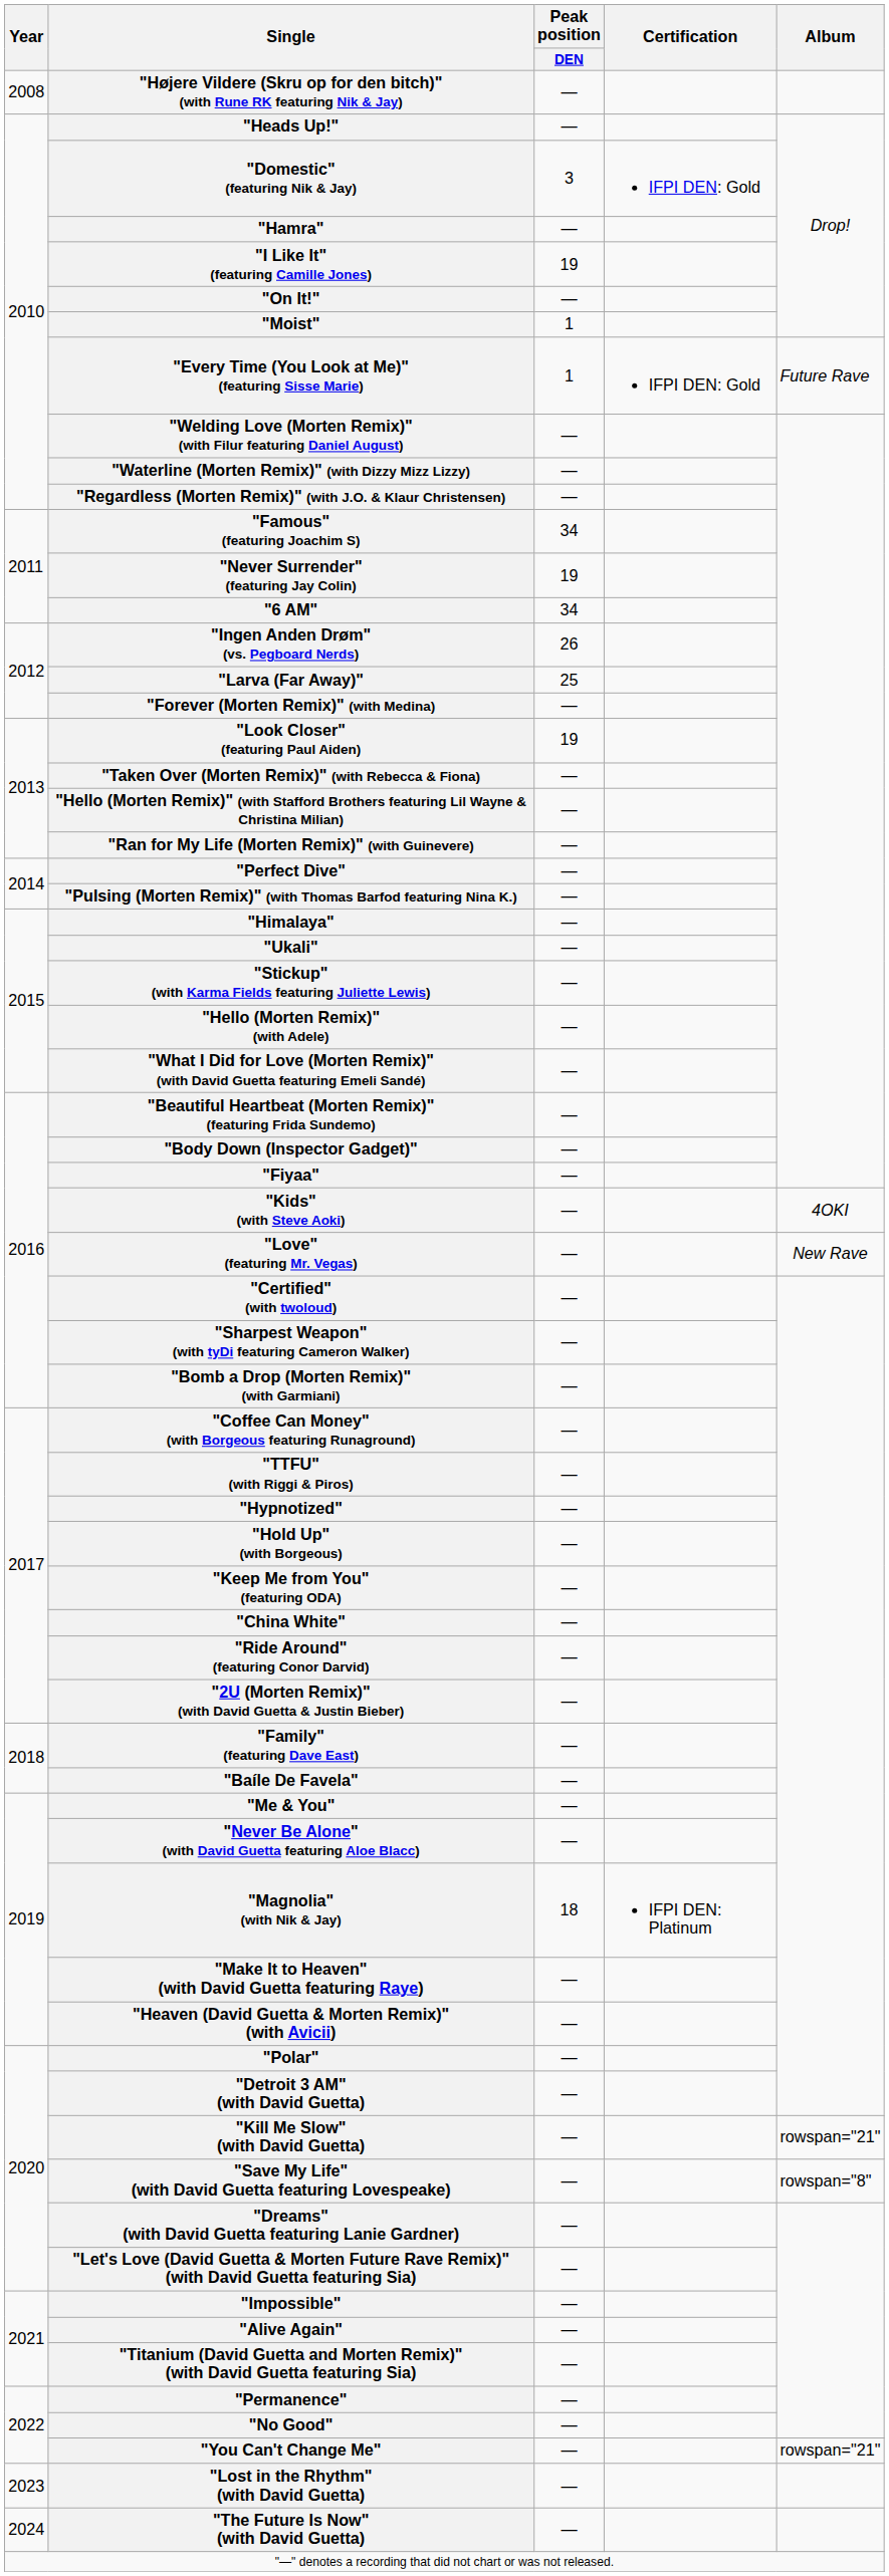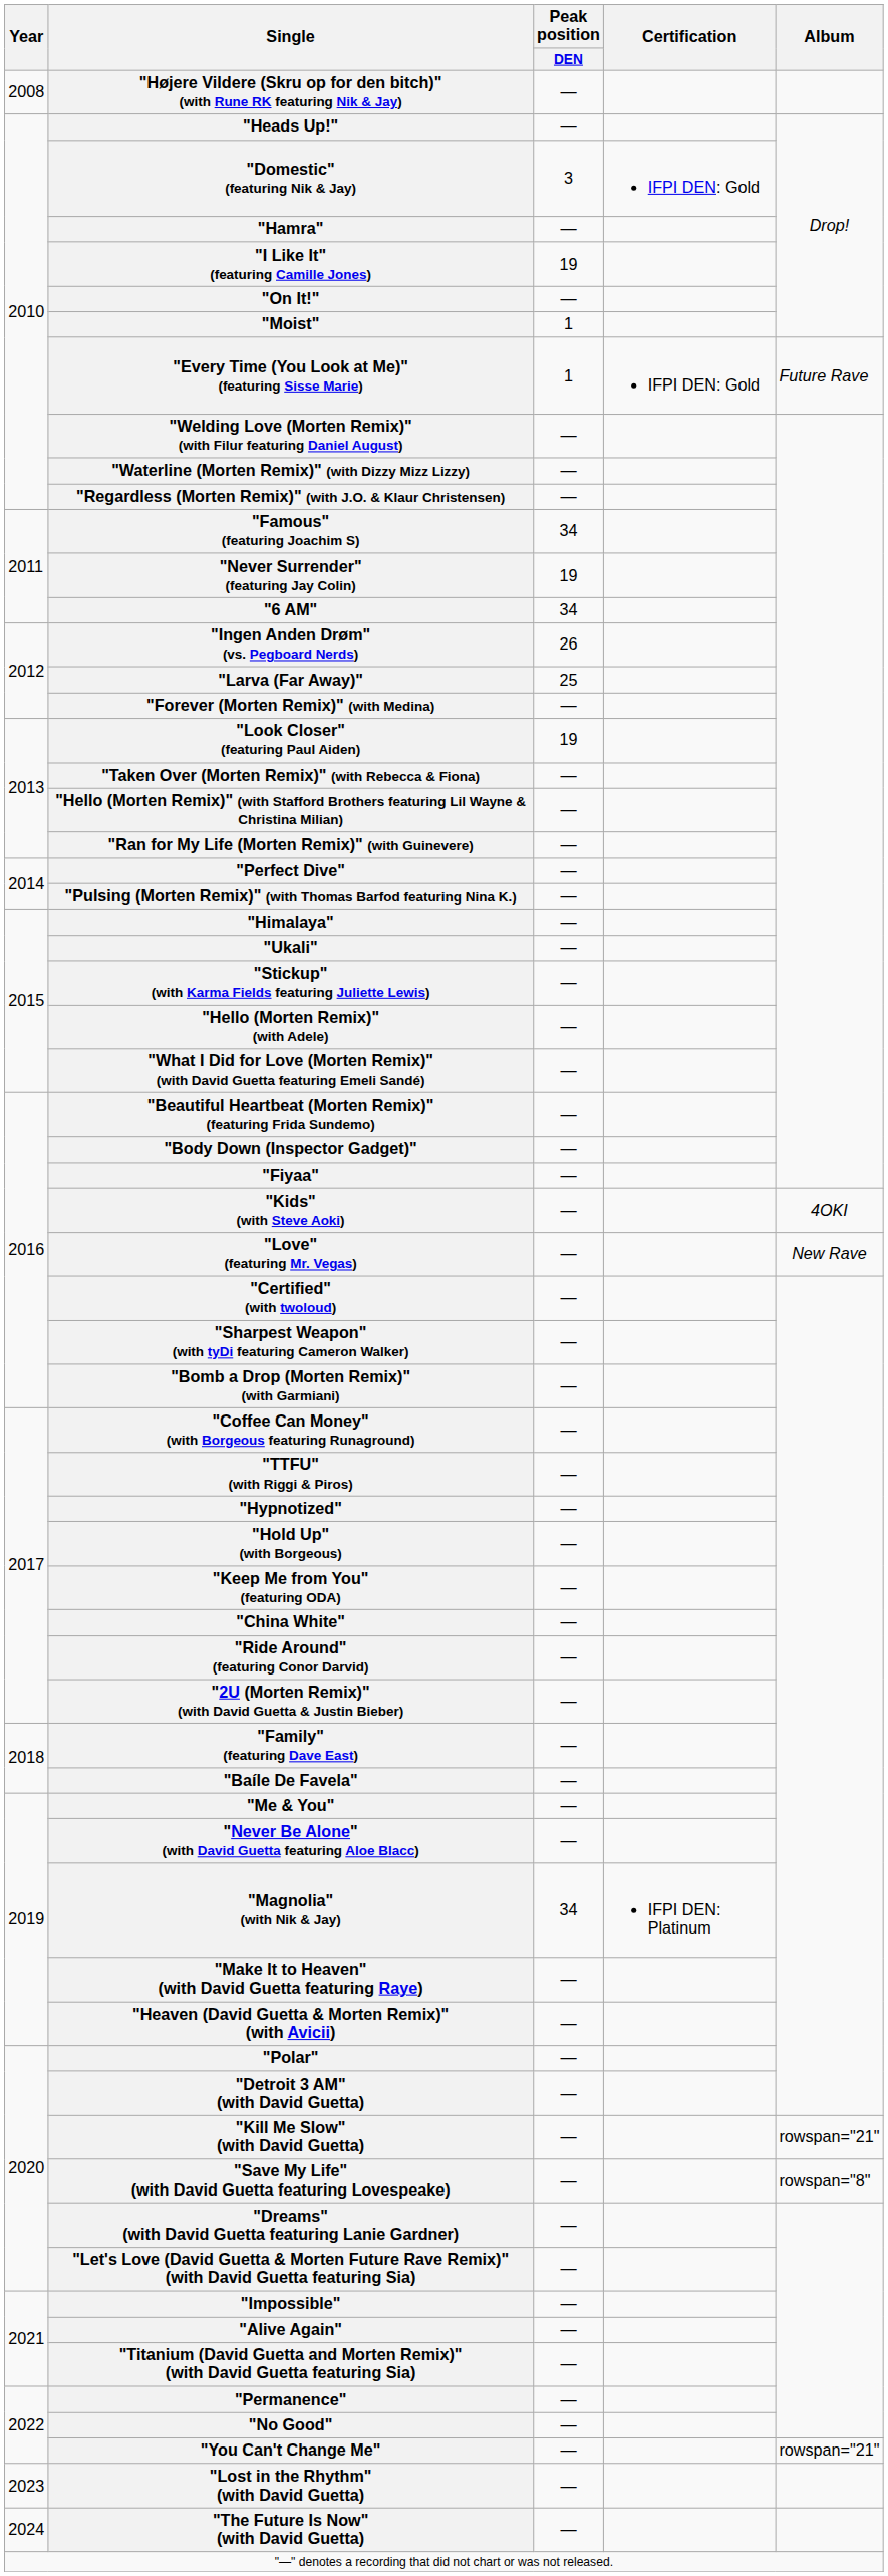 <table class="wikitable plainrowheaders">
 <tr>
 <th scope="col" rowspan="2">Year</th>
 <th scope="col" rowspan="2">Single</th>
 <th scope="col" colspan="1">Peak position</th>
 <th scope="col" rowspan="2">Certification</th>
 <th scope="col" rowspan="2">Album</th>
 </tr>
 <tr>
 <th scope="col" style="width:3em;font-size:85%;"><a href='#'>DEN</a><br></th>
 </tr>
 <tr>
 <td>2008</td>
 <th scope="row">"Højere Vildere (Skru op for den bitch)"<br><small>(with <a href='#'>Rune RK</a> featuring <a href='#'>Nik & Jay</a>)</small></th>
 <td style="text-align:center;">—</td>
 <td></td>
 <td></td>
 </tr>
 <tr>
 <td rowspan="10">2010</td>
 <th scope="row">"Heads Up!"</th>
 <td style="text-align:center;">—</td>
 <td></td>
 <td style="text-align:center;" rowspan="6"><em>Drop!</em></td>
 </tr>
 <tr>
 <th scope="row">"Domestic" <br><small>(featuring Nik & Jay)</small></th>
 <td style="text-align:center;">3</td>
 <td><br><ul><li><a href='#'>IFPI DEN</a>: Gold</li></ul></td>
 </tr>
 <tr>
 <th scope="row">"Hamra"</th>
 <td style="text-align:center;">—</td>
 <td></td>
 </tr>
 <tr>
 <th scope="row">"I Like It" <br><small>(featuring <a href='#'>Camille Jones</a>)</small></th>
 <td style="text-align:center;">19</td>
 <td></td>
 </tr>
 <tr>
 <th scope="row">"On It!"</th>
 <td style="text-align:center;">—</td>
 <td></td>
 </tr>
 <tr>
 <th scope="row">"Moist"</th>
 <td style="text-align:center;">1</td>
 <td></td>
 </tr>
 <tr>
 <th scope="row">"Every Time (You Look at Me)" <br><small>(featuring <a href='#'>Sisse Marie</a>)</small></th>
 <td style="text-align:center;">1</td>
 <td><br><ul><li>IFPI DEN: Gold</li></ul></td>
 <td><em>Future Rave</em></td>
 </tr>
 <tr>
 <th scope="row">"Welding Love (Morten Remix)" <br><small>(with Filur featuring <a href='#'>Daniel August</a>)</small></th>
 <td style="text-align:center;">—</td>
 <td></td>
 </tr>
 <tr>
 <th scope="row">"Waterline (Morten Remix)" <small>(with Dizzy Mizz Lizzy)</small></th>
 <td style="text-align:center;">—</td>
 <td></td>
 </tr>
 <tr>
 <th scope="row">"Regardless (Morten Remix)" <small>(with J.O. & Klaur Christensen)</small></th>
 <td style="text-align:center;">—</td>
 <td></td>
 </tr>
 <tr>
 <td rowspan="3">2011</td>
 <th scope="row">"Famous" <br><small>(featuring Joachim S)</small></th>
 <td style="text-align:center;">34</td>
 <td></td>
 </tr>
 <tr>
 <th scope="row">"Never Surrender" <br><small>(featuring Jay Colin)</small></th>
 <td style="text-align:center;">19</td>
 <td></td>
 </tr>
 <tr>
 <th scope="row">"6 AM"</th>
 <td style="text-align:center;">34</td>
 <td></td>
 </tr>
 <tr>
 <td rowspan="3">2012</td>
 <th scope="row">"Ingen Anden Drøm" <br><small>(vs. <a href='#'>Pegboard Nerds</a>)</small></th>
 <td style="text-align:center;">26</td>
 <td></td>
 </tr>
 <tr>
 <th scope="row">"Larva (Far Away)"</th>
 <td style="text-align:center;">25</td>
 <td></td>
 </tr>
 <tr>
 <th scope="row">"Forever (Morten Remix)" <small>(with Medina)</small></th>
 <td style="text-align:center;">—</td>
 <td></td>
 </tr>
 <tr>
 <td rowspan="4">2013</td>
 <th scope="row">"Look Closer"<br><small>(featuring Paul Aiden)</small></th>
 <td style="text-align:center;">19</td>
 <td></td>
 </tr>
 <tr>
 <th scope="row">"Taken Over (Morten Remix)" <small>(with Rebecca & Fiona)</small></th>
 <td style="text-align:center;">—</td>
 <td></td>
 </tr>
 <tr>
 <th scope="row">"Hello (Morten Remix)" <small>(with Stafford Brothers featuring Lil Wayne & Christina Milian)</small></th>
 <td style="text-align:center;">—</td>
 <td></td>
 </tr>
 <tr>
 <th scope="row">"Ran for My Life (Morten Remix)" <small>(with Guinevere)</small></th>
 <td style="text-align:center;">—</td>
 <td></td>
 </tr>
 <tr>
 <td rowspan="2">2014</td>
 <th scope="row">"Perfect Dive"</th>
 <td style="text-align:center;">—</td>
 <td></td>
 </tr>
 <tr>
 <th scope="row">"Pulsing (Morten Remix)" <small>(with Thomas Barfod featuring Nina K.)</small></th>
 <td style="text-align:center;">—</td>
 <td></td>
 </tr>
 <tr>
 <td rowspan="5">2015</td>
 <th scope="row">"Himalaya"</th>
 <td style="text-align:center;">—</td>
 <td></td>
 </tr>
 <tr>
 <th scope="row">"Ukali"</th>
 <td style="text-align:center;">—</td>
 <td></td>
 </tr>
 <tr>
 <th scope="row">"Stickup"<br><small>(with <a href='#'>Karma Fields</a> featuring <a href='#'>Juliette Lewis</a>)</small></th>
 <td style="text-align:center;">—</td>
 <td></td>
 </tr>
 <tr>
 <th scope="row">"Hello (Morten Remix)"<br><small>(with Adele)</small></th>
 <td style="text-align:center;">—</td>
 <td></td>
 </tr>
 <tr>
 <th scope="row">"What I Did for Love (Morten Remix)"<br><small>(with David Guetta featuring Emeli Sandé)</small></th>
 <td style="text-align:center;">—</td>
 <td></td>
 </tr>
 <tr>
 <td rowspan="8">2016</td>
 <th scope="row">"Beautiful Heartbeat (Morten Remix)"<br><small>(featuring Frida Sundemo)</small></th>
 <td style="text-align:center;">—</td>
 <td></td>
 </tr>
 <tr>
 <th scope="row">"Body Down (Inspector Gadget)"</th>
 <td style="text-align:center;">—</td>
 <td></td>
 </tr>
 <tr>
 <th scope="row">"Fiyaa"</th>
 <td style="text-align:center;">—</td>
 <td></td>
 </tr>
 <tr>
 <th scope="row">"Kids"<br><small>(with <a href='#'>Steve Aoki</a>)</small></th>
 <td style="text-align:center;">—</td>
 <td></td>
 <td style="text-align:center;"><em>4OKI</em></td>
 </tr>
 <tr>
 <th scope="row">"Love"<br><small>(featuring <a href='#'>Mr. Vegas</a>)</small></th>
 <td style="text-align:center;">—</td>
 <td></td>
 <td style="text-align:center;"><em>New Rave</em></td>
 </tr>
 <tr>
 <th scope="row">"Certified"<br><small>(with <a href='#'>twoloud</a>)</small></th>
 <td style="text-align:center;">—</td>
 <td></td>
 </tr>
 <tr>
 <th scope="row">"Sharpest Weapon"<br><small>(with <a href='#'>tyDi</a> featuring Cameron Walker)</small></th>
 <td style="text-align:center;">—</td>
 <td></td>
 </tr>
 <tr>
 <th scope="row">"Bomb a Drop (Morten Remix)"<br><small>(with Garmiani)</small></th>
 <td style="text-align:center;">—</td>
 <td></td>
 </tr>
 <tr>
 <td rowspan="8">2017</td>
 <th scope="row">"Coffee Can Money"<br><small>(with <a href='#'>Borgeous</a> featuring Runaground)</small></th>
 <td style="text-align:center;">—</td>
 <td></td>
 </tr>
 <tr>
 <th scope="row">"TTFU"<br><small>(with Riggi & Piros)</small></th>
 <td style="text-align:center;">—</td>
 <td></td>
 </tr>
 <tr>
 <th scope="row">"Hypnotized"</th>
 <td style="text-align:center;">—</td>
 <td></td>
 </tr>
 <tr>
 <th scope="row">"Hold Up"<br><small>(with Borgeous)</small></th>
 <td style="text-align:center;">—</td>
 <td></td>
 </tr>
 <tr>
 <th scope="row">"Keep Me from You"<br><small>(featuring ODA)</small></th>
 <td style="text-align:center;">—</td>
 <td></td>
 </tr>
 <tr>
 <th scope="row">"China White"</th>
 <td style="text-align:center;">—</td>
 <td></td>
 </tr>
 <tr>
 <th scope="row">"Ride Around"<br><small>(featuring Conor Darvid)</small></th>
 <td style="text-align:center;">—</td>
 <td></td>
 </tr>
 <tr>
 <th scope="row">"<a href='#'>2U</a> (Morten Remix)"<br><small>(with David Guetta & Justin Bieber)</small></th>
 <td style="text-align:center;">—</td>
 <td></td>
 </tr>
 <tr>
 <td rowspan="2">2018</td>
 <th scope="row">"Family"<br><small>(featuring <a href='#'>Dave East</a>)</small></th>
 <td style="text-align:center;">—</td>
 <td></td>
 </tr>
 <tr>
 <th scope="row">"Baíle De Favela"</th>
 <td style="text-align:center;">—</td>
 <td></td>
 </tr>
 <tr>
 <td rowspan="5">2019</td>
 <th scope="row">"Me & You"</th>
 <td style="text-align:center;">—</td>
 <td></td>
 </tr>
 <tr>
 <th scope="row">"<a href='#'>Never Be Alone</a>" <br><small>(with <a href='#'>David Guetta</a> featuring <a href='#'>Aloe Blacc</a>)</small></th>
 <td style="text-align:center;">—</td>
 <td></td>
 </tr>
 <tr>
 <th scope="row">"Magnolia" <br><small>(with Nik & Jay)</small></th>
-<td style="text-align:center;">18<br></td>
+<td style="text-align:center;">34</td>
 <td><br><ul><li>IFPI DEN: Platinum</li></ul></td>
 </tr>
 <tr>
 <th scope="row">"Make It to Heaven"<br><span>(with David Guetta featuring <a href='#'>Raye</a>)</span></th>
 <td style="text-align:center;">—</td>
 <td></td>
 </tr>
 <tr>
 <th scope="row">"Heaven (David Guetta & Morten Remix)"<br><span>(with <a href='#'>Avicii</a>)</span></th>
 <td style="text-align:center;">—</td>
 <td></td>
 </tr>
 <tr>
 <td rowspan="6">2020</td>
 <th scope="row">"Polar"</th>
 <td style="text-align:center;">—</td>
 <td></td>
 </tr>
 <tr>
 <th scope="row">"Detroit 3 AM" <br><span>(with David Guetta)</span></th>
 <td style="text-align:center;">—</td>
 <td></td>
 </tr>
 <tr>
 <th scope="row">"Kill Me Slow" <br><span>(with David Guetta)</span></th>
 <td style="text-align:center;">—</td>
 <td></td>
 <td>rowspan="21" </td>
 </tr>
 <tr>
 <th scope="row">"Save My Life" <br><span>(with David Guetta featuring Lovespeake)</span></th>
 <td style="text-align:center;">—</td>
 <td></td>
 <td>rowspan="8" </td>
 </tr>
 <tr>
 <th scope="row">"Dreams" <br><span>(with David Guetta featuring Lanie Gardner)</span></th>
 <td style="text-align:center;">—</td>
 <td></td>
 </tr>
 <tr>
 <th scope="row">"Let's Love (David Guetta & Morten Future Rave Remix)"<br><span>(with David Guetta featuring Sia)</span></th>
 <td style="text-align:center;">—</td>
 <td></td>
 </tr>
 <tr>
 <td rowspan="3">2021</td>
 <th scope="row">"Impossible" <br></th>
 <td style="text-align:center;">—</td>
 <td></td>
 </tr>
 <tr>
 <th scope="row">"Alive Again" <br></th>
 <td style="text-align:center;">—</td>
 <td></td>
 </tr>
 <tr>
 <th scope="row">"Titanium (David Guetta and Morten Remix)"<br><span>(with David Guetta featuring Sia)</span></th>
 <td style="text-align:center;">—</td>
 <td></td>
 </tr>
 <tr>
 <td rowspan="3">2022</td>
 <th scope="row">"Permanence"<br></th>
 <td style="text-align:center;">—</td>
 <td></td>
 </tr>
 <tr>
 <th scope="row">"No Good"</th>
 <td style="text-align:center;">—</td>
 <td></td>
 </tr>
 <tr>
 <th scope="row">"You Can't Change Me"<br></th>
 <td style="text-align:center;">—</td>
 <td></td>
 <td>rowspan="21" </td>
 </tr>
 <tr>
 <td>2023</td>
 <th scope="row">"Lost in the Rhythm"<br>(with David Guetta)</th>
 <td style="text-align:center;">—</td>
 <td></td>
 <td></td>
 </tr>
 <tr>
 <td>2024</td>
 <th scope="row">"The Future Is Now"<br>(with David Guetta)</th>
 <td style="text-align:center;">—</td>
 <td></td>
 <td></td>
 </tr>
 <tr>
 <td colspan="5" style="font-size:9pt;text-align:center;">"—" denotes a recording that did not chart or was not released.</td>
 </tr>
 </table>
